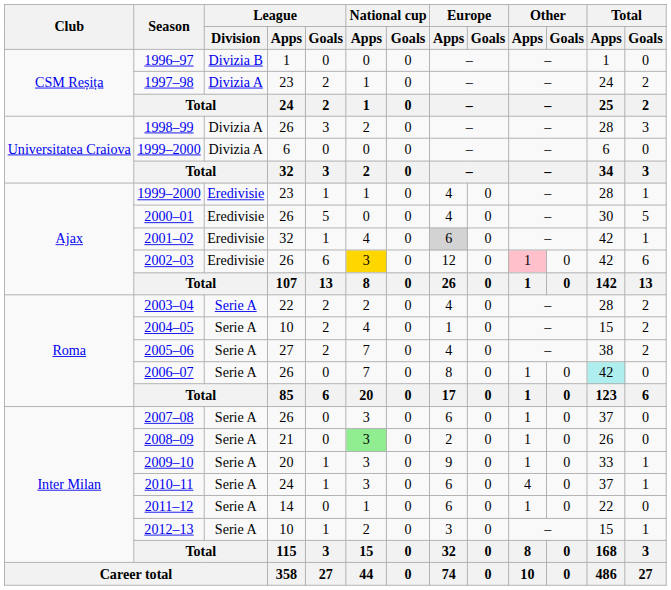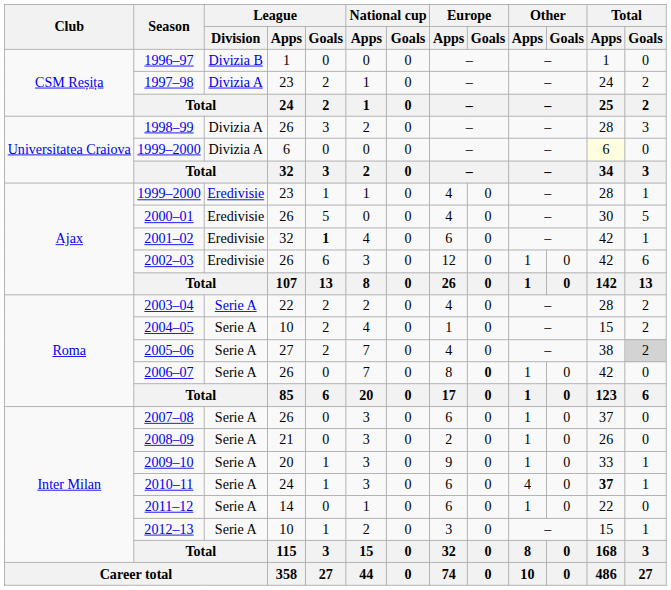 <table class="wikitable" style="text-align:center">
 <tr>
 <th rowspan="2">Club</th>
 <th rowspan="2">Season</th>
 <th colspan="3">League</th>
 <th colspan="2">National cup</th>
 <th colspan="2">Europe</th>
 <th colspan="2">Other</th>
 <th colspan="2">Total</th>
 </tr>
 <tr>
 <th>Division</th>
 <th>Apps</th>
 <th>Goals</th>
 <th>Apps</th>
 <th>Goals</th>
 <th>Apps</th>
 <th>Goals</th>
 <th>Apps</th>
 <th>Goals</th>
 <th>Apps</th>
 <th>Goals</th>
 </tr>
 <tr>
 <td rowspan="3"><a href='#'>CSM Reșița</a></td>
 <td><a href='#'>1996–97</a></td>
 <td><a href='#'>Divizia B</a></td>
 <td>1</td>
 <td>0</td>
 <td>0</td>
 <td>0</td>
 <td colspan="2">–</td>
 <td colspan="2">–</td>
 <td>1</td>
 <td>0</td>
 </tr>
 <tr>
 <td><a href='#'>1997–98</a></td>
 <td><a href='#'>Divizia A</a></td>
 <td>23</td>
 <td>2</td>
 <td>1</td>
 <td>0</td>
 <td colspan="2">–</td>
 <td colspan="2">–</td>
 <td>24</td>
 <td>2</td>
 </tr>
 <tr>
 <th colspan="2">Total</th>
 <th>24</th>
 <th>2</th>
 <th>1</th>
 <th>0</th>
 <th colspan="2">–</th>
 <th colspan="2">–</th>
 <th>25</th>
 <th>2</th>
 </tr>
 <tr>
 <td rowspan="3"><a href='#'>Universitatea Craiova</a></td>
 <td><a href='#'>1998–99</a></td>
 <td>Divizia A</td>
 <td>26</td>
 <td>3</td>
 <td>2</td>
 <td>0</td>
 <td colspan="2">–</td>
 <td colspan="2">–</td>
 <td>28</td>
 <td>3</td>
 </tr>
 <tr>
 <td><a href='#'>1999–2000</a></td>
 <td>Divizia A</td>
 <td>6</td>
 <td>0</td>
 <td>0</td>
 <td>0</td>
 <td colspan="2">–</td>
 <td colspan="2">–</td>
-<td>6</td>
+<td style="background: lightyellow;">6</td>
 <td>0</td>
 </tr>
 <tr>
 <th colspan="2">Total</th>
 <th>32</th>
 <th>3</th>
 <th>2</th>
 <th>0</th>
 <th colspan="2">–</th>
 <th colspan="2">–</th>
 <th>34</th>
 <th>3</th>
 </tr>
 <tr>
 <td rowspan="5"><a href='#'>Ajax</a></td>
 <td><a href='#'>1999–2000</a></td>
 <td><a href='#'>Eredivisie</a></td>
 <td>23</td>
 <td>1</td>
 <td>1</td>
 <td>0</td>
 <td>4</td>
 <td>0</td>
 <td colspan="2">–</td>
 <td>28</td>
 <td>1</td>
 </tr>
 <tr>
 <td><a href='#'>2000–01</a></td>
 <td>Eredivisie</td>
 <td>26</td>
 <td>5</td>
 <td>0</td>
 <td>0</td>
 <td>4</td>
 <td>0</td>
 <td colspan="2">–</td>
 <td>30</td>
 <td>5</td>
 </tr>
 <tr>
 <td><a href='#'>2001–02</a></td>
 <td>Eredivisie</td>
 <td>32</td>
-<td>1</td>
+<td><strong>1</strong></td>
 <td>4</td>
 <td>0</td>
-<td style="background: lightgrey;">6</td>
+<td>6</td>
 <td>0</td>
 <td colspan="2">–</td>
 <td>42</td>
 <td>1</td>
 </tr>
 <tr>
 <td><a href='#'>2002–03</a></td>
 <td>Eredivisie</td>
 <td>26</td>
 <td>6</td>
-<td style="background: gold;">3</td>
+<td>3</td>
 <td>0</td>
 <td>12</td>
 <td>0</td>
-<td style="background: pink;">1</td>
+<td>1</td>
 <td>0</td>
 <td>42</td>
 <td>6</td>
 </tr>
 <tr>
 <th colspan="2">Total</th>
 <th>107</th>
 <th>13</th>
 <th>8</th>
 <th>0</th>
 <th>26</th>
 <th>0</th>
 <th>1</th>
 <th>0</th>
 <th>142</th>
 <th>13</th>
 </tr>
 <tr>
 <td rowspan="5"><a href='#'>Roma</a></td>
 <td><a href='#'>2003–04</a></td>
 <td><a href='#'>Serie A</a></td>
 <td>22</td>
 <td>2</td>
 <td>2</td>
 <td>0</td>
 <td>4</td>
 <td>0</td>
 <td colspan="2">–</td>
 <td>28</td>
 <td>2</td>
 </tr>
 <tr>
 <td><a href='#'>2004–05</a></td>
 <td>Serie A</td>
 <td>10</td>
 <td>2</td>
 <td>4</td>
 <td>0</td>
 <td>1</td>
 <td>0</td>
 <td colspan="2">–</td>
 <td>15</td>
 <td>2</td>
 </tr>
 <tr>
 <td><a href='#'>2005–06</a></td>
 <td>Serie A</td>
 <td>27</td>
 <td>2</td>
 <td>7</td>
 <td>0</td>
 <td>4</td>
 <td>0</td>
 <td colspan="2">–</td>
 <td>38</td>
-<td>2</td>
+<td style="background: lightgrey;">2</td>
 </tr>
 <tr>
 <td><a href='#'>2006–07</a></td>
 <td>Serie A</td>
 <td>26</td>
 <td>0</td>
 <td>7</td>
 <td>0</td>
 <td>8</td>
-<td>0</td>
+<td><strong>0</strong></td>
 <td>1</td>
 <td>0</td>
-<td style="background: paleturquoise;">42</td>
+<td>42</td>
 <td>0</td>
 </tr>
 <tr>
 <th colspan="2">Total</th>
 <th>85</th>
 <th>6</th>
 <th>20</th>
 <th>0</th>
 <th>17</th>
 <th>0</th>
 <th>1</th>
 <th>0</th>
 <th>123</th>
 <th>6</th>
 </tr>
 <tr>
 <td rowspan="7"><a href='#'>Inter Milan</a></td>
 <td><a href='#'>2007–08</a></td>
 <td>Serie A</td>
 <td>26</td>
 <td>0</td>
 <td>3</td>
 <td>0</td>
 <td>6</td>
 <td>0</td>
 <td>1</td>
 <td>0</td>
 <td>37</td>
 <td>0</td>
 </tr>
 <tr>
 <td><a href='#'>2008–09</a></td>
 <td>Serie A</td>
 <td>21</td>
 <td>0</td>
-<td style="background: lightgreen;">3</td>
+<td>3</td>
 <td>0</td>
 <td>2</td>
 <td>0</td>
 <td>1</td>
 <td>0</td>
 <td>26</td>
 <td>0</td>
 </tr>
 <tr>
 <td><a href='#'>2009–10</a></td>
 <td>Serie A</td>
 <td>20</td>
 <td>1</td>
 <td>3</td>
 <td>0</td>
 <td>9</td>
 <td>0</td>
 <td>1</td>
 <td>0</td>
 <td>33</td>
 <td>1</td>
 </tr>
 <tr>
 <td><a href='#'>2010–11</a></td>
 <td>Serie A</td>
 <td>24</td>
 <td>1</td>
 <td>3</td>
 <td>0</td>
 <td>6</td>
 <td>0</td>
 <td>4</td>
 <td>0</td>
-<td>37</td>
+<td><strong>37</strong></td>
 <td>1</td>
 </tr>
 <tr>
 <td><a href='#'>2011–12</a></td>
 <td>Serie A</td>
 <td>14</td>
 <td>0</td>
 <td>1</td>
 <td>0</td>
 <td>6</td>
 <td>0</td>
 <td>1</td>
 <td>0</td>
 <td>22</td>
 <td>0</td>
 </tr>
 <tr>
 <td><a href='#'>2012–13</a></td>
 <td>Serie A</td>
 <td>10</td>
 <td>1</td>
 <td>2</td>
 <td>0</td>
 <td>3</td>
 <td>0</td>
 <td colspan="2">–</td>
 <td>15</td>
 <td>1</td>
 </tr>
 <tr>
 <th colspan="2">Total</th>
 <th>115</th>
 <th>3</th>
 <th>15</th>
 <th>0</th>
 <th>32</th>
 <th>0</th>
 <th>8</th>
 <th>0</th>
 <th>168</th>
 <th>3</th>
 </tr>
 <tr>
 <th colspan="3">Career total</th>
 <th>358</th>
 <th>27</th>
 <th>44</th>
 <th>0</th>
 <th>74</th>
 <th>0</th>
 <th>10</th>
 <th>0</th>
 <th>486</th>
 <th>27</th>
 </tr>
 </table>
